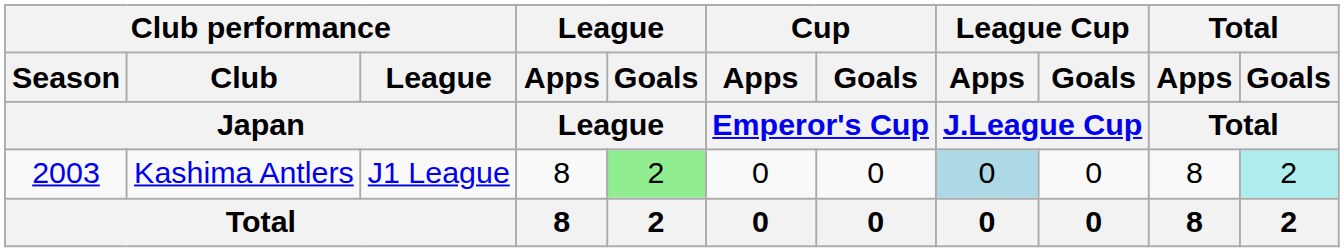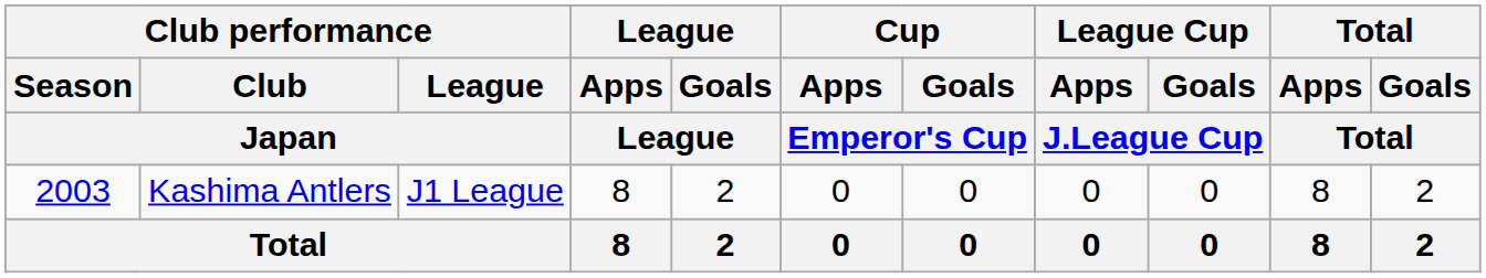 <table class="wikitable" style="text-align:center;">
 <tr>
 <th colspan=3>Club performance</th>
 <th colspan=2>League</th>
 <th colspan=2>Cup</th>
 <th colspan=2>League Cup</th>
 <th colspan=2>Total</th>
 </tr>
 <tr>
 <th>Season</th>
 <th>Club</th>
 <th>League</th>
 <th>Apps</th>
 <th>Goals</th>
 <th>Apps</th>
 <th>Goals</th>
 <th>Apps</th>
 <th>Goals</th>
 <th>Apps</th>
 <th>Goals</th>
 </tr>
 <tr>
 <th colspan=3>Japan</th>
 <th colspan=2>League</th>
 <th colspan=2><a href='#'>Emperor's Cup</a></th>
 <th colspan=2><a href='#'>J.League Cup</a></th>
 <th colspan=2>Total</th>
 </tr>
 <tr>
 <td><a href='#'>2003</a></td>
 <td><a href='#'>Kashima Antlers</a></td>
 <td><a href='#'>J1 League</a></td>
 <td>8</td>
-<td style="background: lightgreen;">2</td>
+<td>2</td>
 <td>0</td>
 <td>0</td>
-<td style="background: lightblue;">0</td>
+<td>0</td>
 <td>0</td>
 <td>8</td>
-<td style="background: paleturquoise;">2</td>
+<td>2</td>
 </tr>
 <tr>
 <th colspan=3>Total</th>
 <th>8</th>
 <th>2</th>
 <th>0</th>
 <th>0</th>
 <th>0</th>
 <th>0</th>
 <th>8</th>
 <th>2</th>
 </tr>
 </table>
